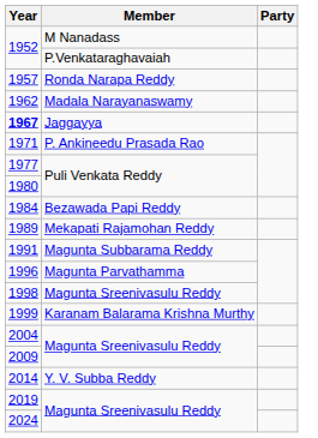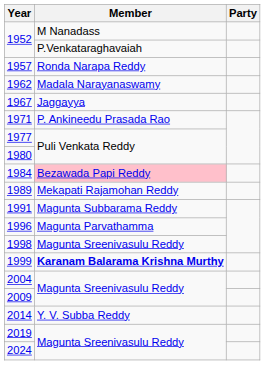 <table class="wikitable sortable">
 <tr>
 <th>Year</th>
 <th>Member</th>
 <th colspan="2">Party</th>
 </tr>
 <tr>
 <td rowspan = 2><a href='#'>1952</a></td>
 <td>M Nanadass</td>
 <td></td>
 </tr>
 <tr>
 <td>P.Venkataraghavaiah</td>
 </tr>
 <tr>
 <td><a href='#'>1957</a></td>
 <td><a href='#'>Ronda Narapa Reddy</a></td>
 <td></td>
 </tr>
 <tr>
 <td><a href='#'>1962</a></td>
 <td><a href='#'>Madala Narayanaswamy</a></td>
 <td></td>
 </tr>
 <tr>
-<td><strong><a href='#'>1967</a></strong></td>
+<td><a href='#'>1967</a></td>
 <td><a href='#'>Jaggayya</a></td>
 <td></td>
 </tr>
 <tr>
 <td><a href='#'>1971</a></td>
 <td><a href='#'>P. Ankineedu Prasada Rao</a></td>
 </tr>
 <tr>
 <td><a href='#'>1977</a></td>
 <td rowspan=2>Puli Venkata Reddy</td>
 </tr>
 <tr>
 <td><a href='#'>1980</a></td>
 </tr>
 <tr>
 <td><a href='#'>1984</a></td>
-<td><a href='#'>Bezawada Papi Reddy</a></td>
+<td style="background: pink;"><a href='#'>Bezawada Papi Reddy</a></td>
 <td></td>
 </tr>
 <tr>
 <td><a href='#'>1989</a></td>
 <td><a href='#'>Mekapati Rajamohan Reddy</a></td>
 <td></td>
 </tr>
 <tr>
 <td><a href='#'>1991</a></td>
 <td><a href='#'>Magunta Subbarama Reddy</a></td>
 </tr>
 <tr>
 <td><a href='#'>1996</a></td>
 <td><a href='#'>Magunta Parvathamma</a></td>
 </tr>
 <tr>
 <td><a href='#'>1998</a></td>
 <td><a href='#'>Magunta Sreenivasulu Reddy</a></td>
 </tr>
 <tr>
 <td><a href='#'>1999</a></td>
-<td><a href='#'>Karanam Balarama Krishna Murthy</a></td>
+<td><strong><a href='#'>Karanam Balarama Krishna Murthy</a></strong></td>
 <td></td>
 </tr>
 <tr>
 <td><a href='#'>2004</a></td>
 <td rowspan=2><a href='#'>Magunta Sreenivasulu Reddy</a></td>
 <td></td>
 </tr>
 <tr>
 <td><a href='#'>2009</a></td>
 </tr>
 <tr>
 <td><a href='#'>2014</a></td>
 <td><a href='#'>Y. V. Subba Reddy</a></td>
 <td></td>
 </tr>
 <tr>
 <td><a href='#'>2019</a></td>
 <td rowspan=2><a href='#'>Magunta Sreenivasulu Reddy</a></td>
 </tr>
 <tr>
 <td><a href='#'>2024</a></td>
 <td></td>
 </tr>
 </table>
